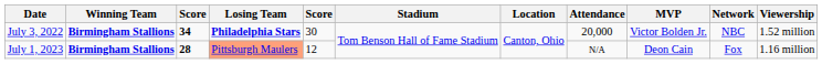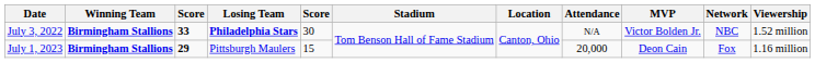 <table class="wikitable">
 <tr>
 <th>Date</th>
 <th>Winning Team</th>
 <th>Score</th>
 <th>Losing Team</th>
 <th>Score</th>
 <th>Stadium</th>
 <th>Location</th>
 <th>Attendance</th>
 <th>MVP</th>
 <th>Network</th>
 <th>Viewership</th>
 </tr>
 <tr>
 <td><a href='#'>July 3, 2022</a></td>
 <td><a href='#'><strong>Birmingham Stallions</strong></a></td>
-<td><strong>34</strong></td>
+<td><strong>33</strong></td>
 <td><strong><a href='#'>Philadelphia Stars</a></strong></td>
 <td>30</td>
 <td rowspan="2"><a href='#'>Tom Benson Hall of Fame Stadium</a></td>
 <td rowspan="2"><a href='#'>Canton, Ohio</a></td>
-<td align=center>20,000</td>
+<td align=center><span><small>N/A</small></span></td>
 <td align=center><a href='#'>Victor Bolden Jr.</a></td>
 <td align=center><a href='#'>NBC</a></td>
 <td>1.52 million</td>
 </tr>
 <tr>
 <td><a href='#'>July 1, 2023</a></td>
 <td><a href='#'><strong>Birmingham Stallions</strong></a></td>
-<td><strong>28</strong></td>
-<td style="background: lightsalmon;"><a href='#'>Pittsburgh Maulers</a></td>
-<td>12</td>
-<td align=center><span><small>N/A</small></span></td>
+<td><strong>29</strong></td>
+<td><a href='#'>Pittsburgh Maulers</a></td>
+<td>15</td>
+<td align=center>20,000</td>
 <td align=center><a href='#'>Deon Cain</a></td>
 <td align=center><a href='#'>Fox</a></td>
 <td>1.16 million</td>
 </tr>
 </table>
